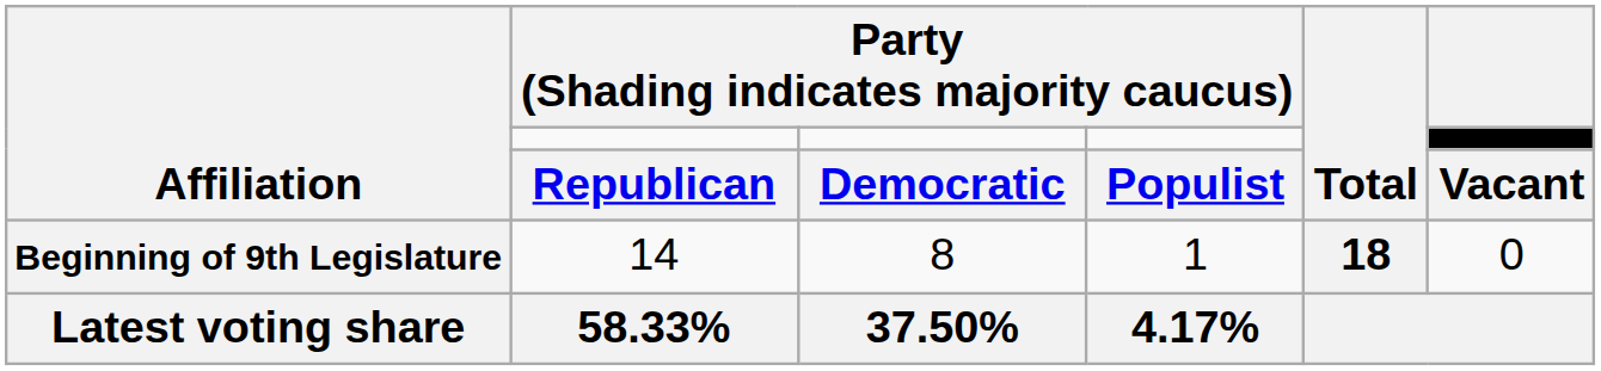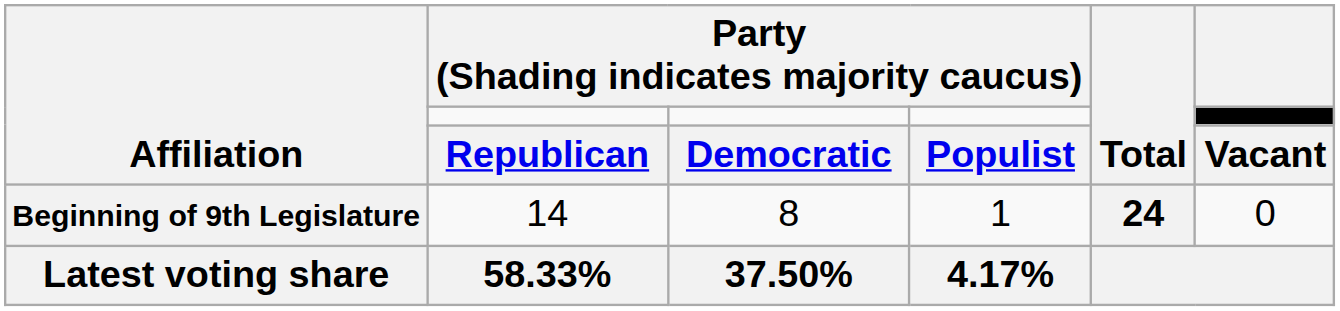 <table class=wikitable style="text-align:center">
 <tr style="vertical-align:bottom;">
 <th rowspan=3>Affiliation</th>
 <th colspan=3>Party <div>(Shading indicates majority caucus)</div></th>
 <th rowspan=3>Total</th>
 <th></th>
 </tr>
 <tr -style="height:5px">
 <td style="background-color:"></td>
 <td style="background-color:"></td>
 <td style="background-color:"></td>
 <td style="background-color:black"></td>
 </tr>
 <tr>
 <th><a href='#'>Republican</a></th>
 <th><a href='#'>Democratic</a></th>
 <th><a href='#'>Populist</a></th>
 <th>Vacant</th>
 </tr>
 <tr>
 <th nowrap style="font-size:80%">Beginning of 9th Legislature</th>
 <td>14</td>
 <td>8</td>
 <td>1</td>
-<th>18</th>
+<th>24</th>
 <td>0</td>
 </tr>
 <tr>
 <th>Latest voting share</th>
 <th>58.33%</th>
 <th>37.50%</th>
 <th>4.17%</th>
 <th colspan=2></th>
 </tr>
 </table>
